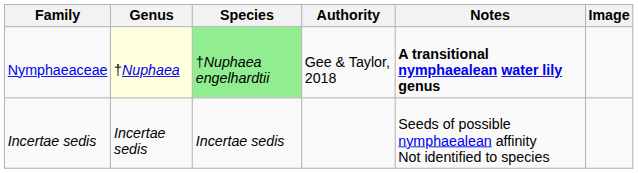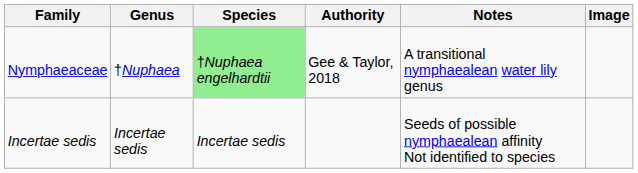 <table class="wikitable" align="center" width="80%">
 <tr>
 <th>Family</th>
 <th>Genus</th>
 <th>Species</th>
 <th>Authority</th>
 <th>Notes</th>
 <th>Image</th>
 </tr>
 <tr>
 <td><br><a href='#'>Nymphaeaceae</a></td>
-<td style="background: lightyellow;"><br>†<em><a href='#'>Nuphaea</a></em></td>
+<td><br>†<em><a href='#'>Nuphaea</a></em></td>
 <td style="background: lightgreen;"><br>†<em>Nuphaea engelhardtii</em></td>
 <td><br>Gee & Taylor, 2018</td>
-<td><strong><br>A transitional <a href='#'>nymphaealean</a> <a href='#'>water lily</a> genus</strong></td>
+<td><br>A transitional <a href='#'>nymphaealean</a> <a href='#'>water lily</a> genus</td>
 <td></td>
 </tr>
 <tr>
 <td><br><em>Incertae sedis</em></td>
 <td><br><em>Incertae sedis</em></td>
 <td><br><em>Incertae sedis</em></td>
 <td></td>
 <td><br>Seeds of possible <a href='#'>nymphaealean</a> affinity<br>Not identified to species</td>
 </tr>
 </table>
